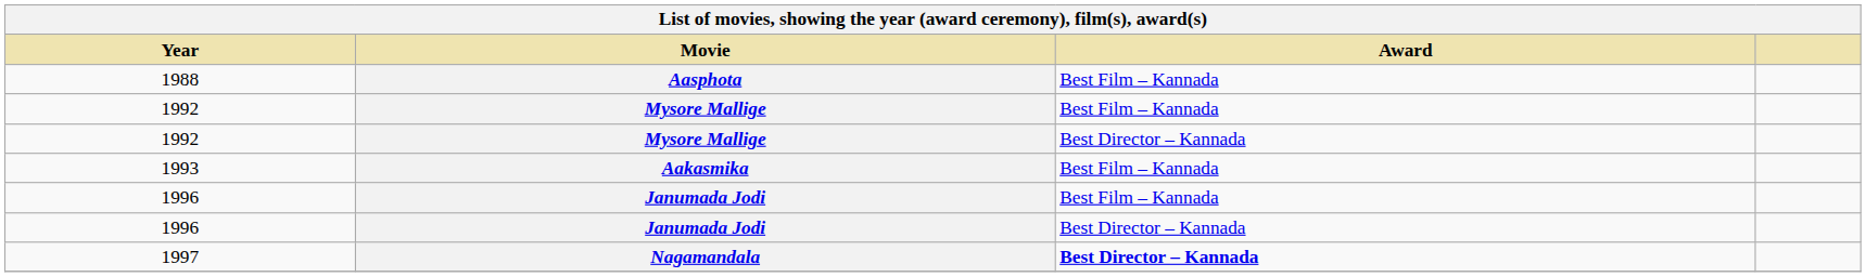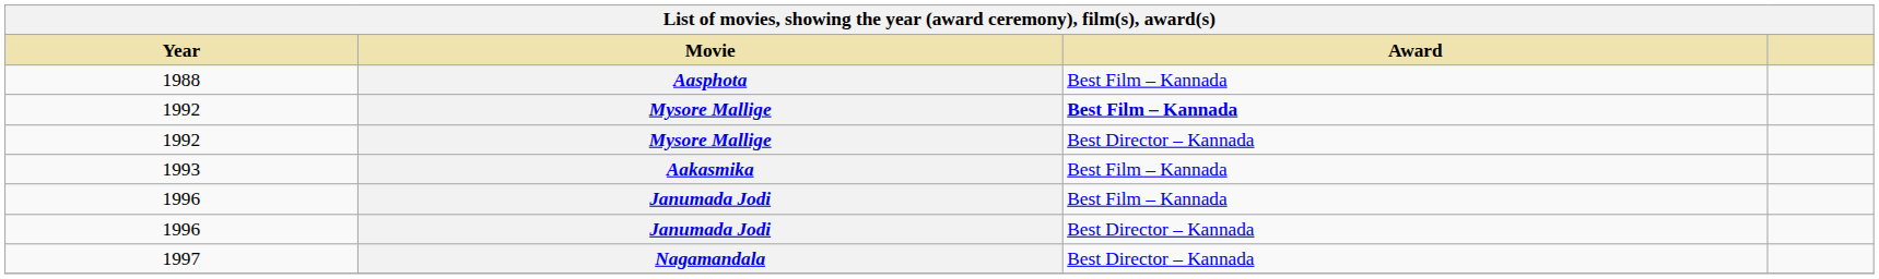 <table class="wikitable sortable plainrowheaders" style="width:100%">
 <tr>
 <th colspan="6">List of movies, showing the year (award ceremony), film(s), award(s)</th>
 </tr>
 <tr>
 <th scope="col" style="background-color:#EFE4B0;width:10%;">Year</th>
 <th scope="col" style="background-color:#EFE4B0;width:20%;">Movie</th>
 <th scope="col" style="background-color:#EFE4B0;width:20%;">Award</th>
 <th scope="col" style="background-color:#EFE4B0;width:3%" class="unsortable"></th>
 </tr>
 <tr>
 <td align="center">1988</td>
 <th scope="row"><em><a href='#'>Aasphota</a></em></th>
 <td><a href='#'>Best Film – Kannada</a></td>
 <td align="center"></td>
 </tr>
 <tr>
 <td align="center">1992</td>
 <th scope="row"><em><a href='#'>Mysore Mallige</a></em></th>
-<td><a href='#'>Best Film – Kannada</a></td>
+<td><strong><a href='#'>Best Film – Kannada</a></strong></td>
 <td align="center"></td>
 </tr>
 <tr>
 <td align="center">1992</td>
 <th scope="row"><em><a href='#'>Mysore Mallige</a></em></th>
 <td><a href='#'>Best Director – Kannada</a></td>
 <td align="center"></td>
 </tr>
 <tr>
 <td align="center">1993</td>
 <th scope="row"><em><a href='#'>Aakasmika</a></em></th>
 <td><a href='#'>Best Film – Kannada</a></td>
 <td align="center"></td>
 </tr>
 <tr>
 <td align="center">1996</td>
 <th scope="row"><em><a href='#'>Janumada Jodi</a></em></th>
 <td><a href='#'>Best Film – Kannada</a></td>
 <td align="center"></td>
 </tr>
 <tr>
 <td align="center">1996</td>
 <th scope="row"><em><a href='#'>Janumada Jodi</a></em></th>
 <td><a href='#'>Best Director – Kannada</a></td>
 <td align="center"></td>
 </tr>
 <tr>
 <td align="center">1997</td>
 <th scope="row"><em><a href='#'>Nagamandala</a></em></th>
-<td><strong><a href='#'>Best Director – Kannada</a></strong></td>
+<td><a href='#'>Best Director – Kannada</a></td>
 <td align="center"></td>
 </tr>
 <tr>
 </tr>
 </table>
